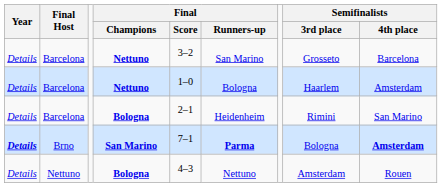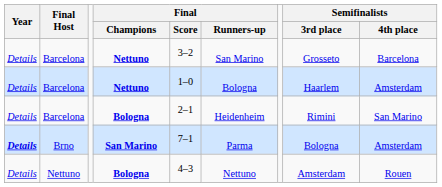 <table class="wikitable" style="font-size:90%; text-align: center;">
 <tr>
 <th rowspan=2 width=5%>Year</th>
 <th rowspan=2 width=10%>Final Host</th>
 <td width=1% rowspan=7 style="border-top:none;border-bottom:none;"></td>
 <th colspan=3>Final</th>
 <td width=1% rowspan=7 style="border-top:none;border-bottom:none;"></td>
 <th colspan=2>Semifinalists</th>
 </tr>
 <tr>
 <th width=17%>Champions</th>
 <th width=7%>Score</th>
 <th width=17%>Runners-up</th>
 <th width=17%>3rd place</th>
 <th width=17%>4th place</th>
 </tr>
 <tr>
 <td><br><em><a href='#'>Details</a></em></td>
 <td><br><a href='#'>Barcelona</a></td>
 <td><strong><br><a href='#'>Nettuno</a></strong></td>
 <td>3–2</td>
 <td><br><a href='#'>San Marino</a></td>
 <td><br><a href='#'>Grosseto</a></td>
 <td><br><a href='#'>Barcelona</a></td>
 </tr>
 <tr style="background: #D0E6FF;">
 <td><br><em><a href='#'>Details</a></em></td>
 <td><br><a href='#'>Barcelona</a></td>
 <td><strong><br><a href='#'>Nettuno</a></strong></td>
 <td>1–0</td>
 <td><br><a href='#'>Bologna</a></td>
 <td><br><a href='#'>Haarlem</a></td>
 <td><br><a href='#'>Amsterdam</a></td>
 </tr>
 <tr>
 <td><br><em><a href='#'>Details</a></em></td>
 <td><br><a href='#'>Barcelona</a></td>
 <td><strong><br><a href='#'>Bologna</a></strong></td>
 <td>2–1</td>
 <td><br><a href='#'>Heidenheim</a></td>
 <td><br><a href='#'>Rimini</a></td>
 <td><br><a href='#'>San Marino</a></td>
 </tr>
 <tr style="background: #D0E6FF;">
 <td><strong><br><em><a href='#'>Details</a></em></strong></td>
 <td><br><a href='#'>Brno</a></td>
 <td><strong><br><a href='#'>San Marino</a></strong></td>
 <td>7–1</td>
-<td><strong><br><a href='#'>Parma</a></strong></td>
+<td><br><a href='#'>Parma</a></td>
 <td><br><a href='#'>Bologna</a></td>
-<td><strong><br><a href='#'>Amsterdam</a></strong></td>
+<td><br><a href='#'>Amsterdam</a></td>
 </tr>
 <tr>
 <td><br><em><a href='#'>Details</a></em></td>
 <td><br><a href='#'>Nettuno</a></td>
 <td><strong><br><a href='#'>Bologna</a></strong></td>
 <td>4–3</td>
 <td><br><a href='#'>Nettuno</a></td>
 <td><br><a href='#'>Amsterdam</a></td>
 <td><br><a href='#'>Rouen</a></td>
 </tr>
 </table>
